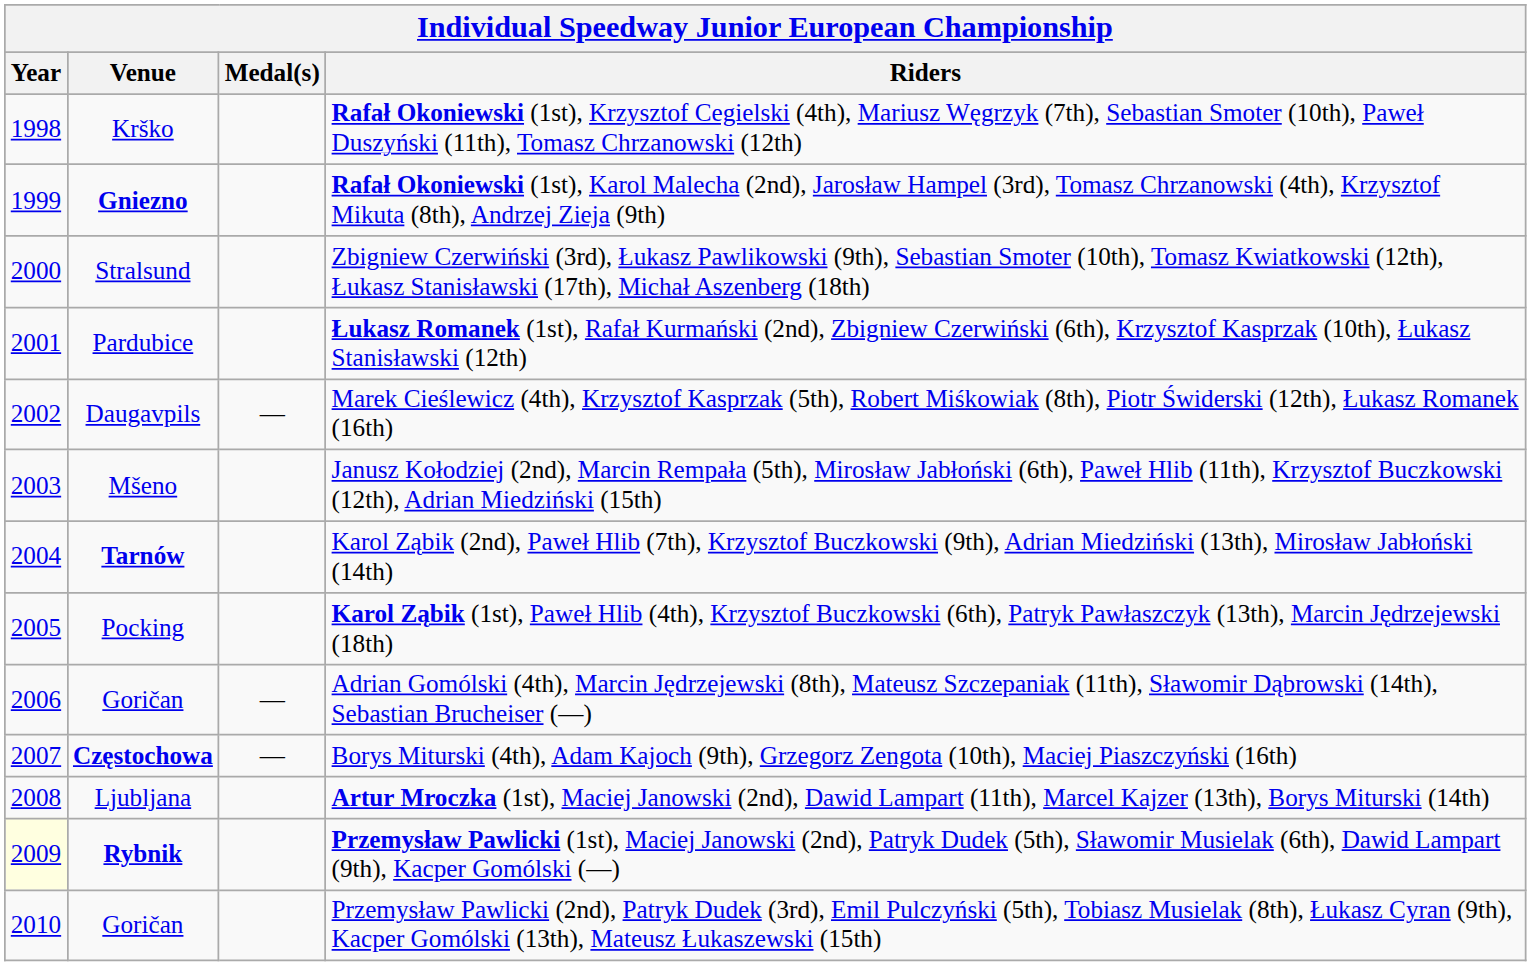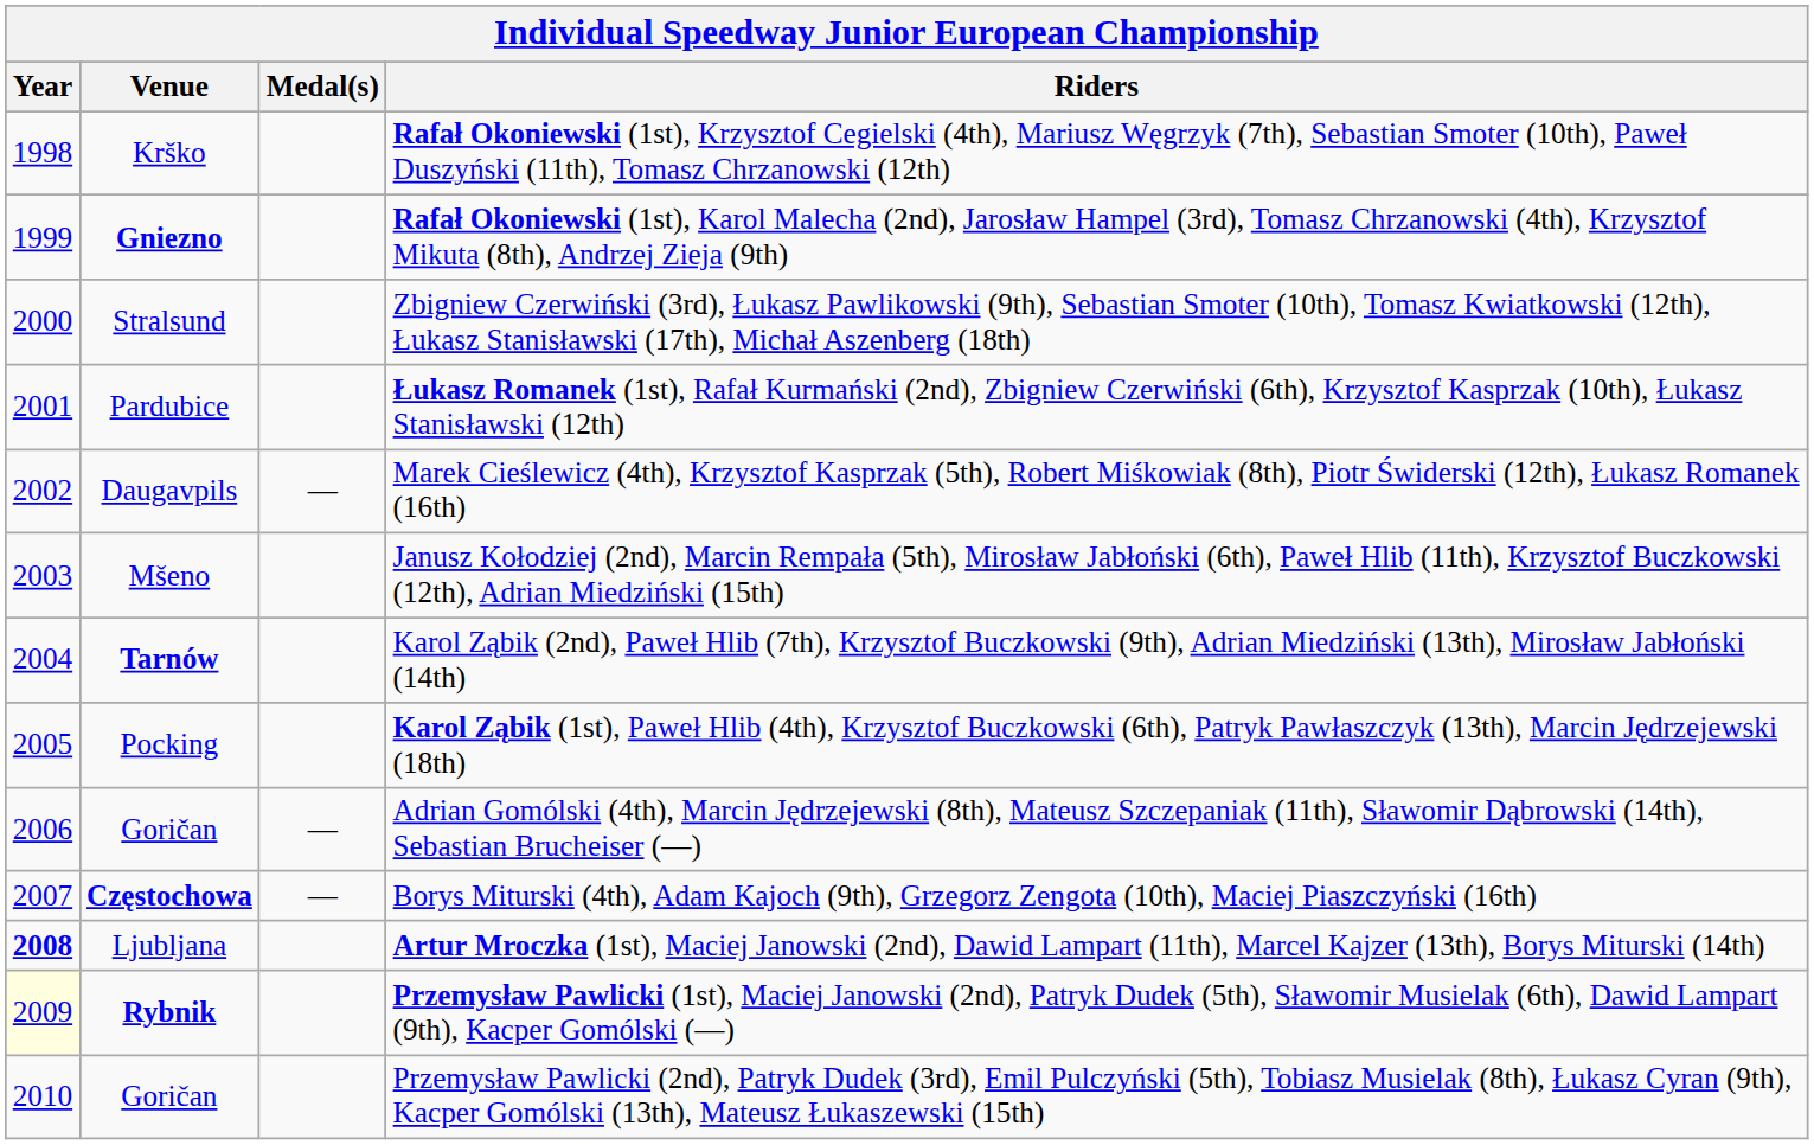 <table class=wikitable style="font-size: 90%;">
 <tr>
 <th colspan=5><big><a href='#'>Individual Speedway Junior European Championship</a></big></th>
 </tr>
 <tr>
 <th>Year</th>
 <th>Venue</th>
 <th>Medal(s)</th>
 <th>Riders</th>
 </tr>
 <tr align=center>
 <td><a href='#'>1998</a></td>
 <td> <a href='#'>Krško</a></td>
 <td></td>
 <td align=left><strong><a href='#'>Rafał Okoniewski</a></strong> (1st), <a href='#'>Krzysztof Cegielski</a> (4th), <a href='#'>Mariusz Węgrzyk</a> (7th), <a href='#'>Sebastian Smoter</a> (10th), <a href='#'>Paweł Duszyński</a> (11th), <a href='#'>Tomasz Chrzanowski</a> (12th)</td>
 </tr>
 <tr align=center>
 <td><a href='#'>1999</a></td>
 <td> <strong><a href='#'>Gniezno</a></strong></td>
 <td></td>
 <td align=left><strong><a href='#'>Rafał Okoniewski</a></strong> (1st), <a href='#'>Karol Malecha</a> (2nd), <a href='#'>Jarosław Hampel</a> (3rd), <a href='#'>Tomasz Chrzanowski</a> (4th), <a href='#'>Krzysztof Mikuta</a> (8th), <a href='#'>Andrzej Zieja</a> (9th)</td>
 </tr>
 <tr align=center>
 <td><a href='#'>2000</a></td>
 <td> <a href='#'>Stralsund</a></td>
 <td></td>
 <td align="left"><a href='#'>Zbigniew Czerwiński</a> (3rd), <a href='#'>Łukasz Pawlikowski</a> (9th), <a href='#'>Sebastian Smoter</a> (10th), <a href='#'>Tomasz Kwiatkowski</a> (12th), <a href='#'>Łukasz Stanisławski</a> (17th), <a href='#'>Michał Aszenberg</a> (18th)</td>
 </tr>
 <tr align=center>
 <td><a href='#'>2001</a></td>
 <td> <a href='#'>Pardubice</a></td>
 <td></td>
 <td align=left><strong><a href='#'>Łukasz Romanek</a></strong> (1st), <a href='#'>Rafał Kurmański</a> (2nd), <a href='#'>Zbigniew Czerwiński</a> (6th), <a href='#'>Krzysztof Kasprzak</a> (10th), <a href='#'>Łukasz Stanisławski</a> (12th)</td>
 </tr>
 <tr align=center>
 <td><a href='#'>2002</a></td>
 <td> <a href='#'>Daugavpils</a></td>
 <td>—</td>
 <td align=left><a href='#'>Marek Cieślewicz</a> (4th), <a href='#'>Krzysztof Kasprzak</a> (5th), <a href='#'>Robert Miśkowiak</a> (8th), <a href='#'>Piotr Świderski</a> (12th), <a href='#'>Łukasz Romanek</a> (16th)</td>
 </tr>
 <tr align=center>
 <td><a href='#'>2003</a></td>
 <td> <a href='#'>Mšeno</a></td>
 <td></td>
 <td align=left><a href='#'>Janusz Kołodziej</a> (2nd), <a href='#'>Marcin Rempała</a> (5th), <a href='#'>Mirosław Jabłoński</a> (6th), <a href='#'>Paweł Hlib</a> (11th), <a href='#'>Krzysztof Buczkowski</a> (12th), <a href='#'>Adrian Miedziński</a> (15th)</td>
 </tr>
 <tr align=center>
 <td><a href='#'>2004</a></td>
 <td> <strong><a href='#'>Tarnów</a></strong></td>
 <td></td>
 <td align=left><a href='#'>Karol Ząbik</a> (2nd), <a href='#'>Paweł Hlib</a> (7th), <a href='#'>Krzysztof Buczkowski</a> (9th), <a href='#'>Adrian Miedziński</a> (13th), <a href='#'>Mirosław Jabłoński</a> (14th)</td>
 </tr>
 <tr align=center>
 <td><a href='#'>2005</a></td>
 <td> <a href='#'>Pocking</a></td>
 <td></td>
 <td align=left><strong><a href='#'>Karol Ząbik</a></strong> (1st), <a href='#'>Paweł Hlib</a> (4th), <a href='#'>Krzysztof Buczkowski</a> (6th), <a href='#'>Patryk Pawłaszczyk</a> (13th), <a href='#'>Marcin Jędrzejewski</a> (18th)</td>
 </tr>
 <tr align=center>
 <td><a href='#'>2006</a></td>
 <td> <a href='#'>Goričan</a></td>
 <td>—</td>
 <td align=left><a href='#'>Adrian Gomólski</a> (4th), <a href='#'>Marcin Jędrzejewski</a> (8th), <a href='#'>Mateusz Szczepaniak</a> (11th), <a href='#'>Sławomir Dąbrowski</a> (14th), <a href='#'>Sebastian Brucheiser</a> (—)</td>
 </tr>
 <tr align=center>
 <td><a href='#'>2007</a></td>
 <td> <strong><a href='#'>Częstochowa</a></strong></td>
 <td>—</td>
 <td align=left><a href='#'>Borys Miturski</a> (4th), <a href='#'>Adam Kajoch</a> (9th), <a href='#'>Grzegorz Zengota</a> (10th), <a href='#'>Maciej Piaszczyński</a> (16th)</td>
 </tr>
 <tr align=center>
-<td><a href='#'>2008</a></td>
+<td><strong><a href='#'>2008</a></strong></td>
 <td> <a href='#'>Ljubljana</a></td>
 <td></td>
 <td align=left><strong><a href='#'>Artur Mroczka</a></strong> (1st), <a href='#'>Maciej Janowski</a> (2nd), <a href='#'>Dawid Lampart</a> (11th), <a href='#'>Marcel Kajzer</a> (13th), <a href='#'>Borys Miturski</a> (14th)</td>
 </tr>
 <tr align=center>
 <td style="background: lightyellow;"><a href='#'>2009</a></td>
 <td> <strong><a href='#'>Rybnik</a></strong></td>
 <td></td>
 <td align=left><strong><a href='#'>Przemysław Pawlicki</a></strong> (1st), <a href='#'>Maciej Janowski</a> (2nd), <a href='#'>Patryk Dudek</a> (5th), <a href='#'>Sławomir Musielak</a> (6th), <a href='#'>Dawid Lampart</a> (9th), <a href='#'>Kacper Gomólski</a> (—)</td>
 </tr>
 <tr align=center>
 <td><a href='#'>2010</a></td>
 <td> <a href='#'>Goričan</a></td>
 <td></td>
 <td align=left><a href='#'>Przemysław Pawlicki</a> (2nd), <a href='#'>Patryk Dudek</a> (3rd), <a href='#'>Emil Pulczyński</a> (5th), <a href='#'>Tobiasz Musielak</a> (8th), <a href='#'>Łukasz Cyran</a> (9th), <a href='#'>Kacper Gomólski</a> (13th), <a href='#'>Mateusz Łukaszewski</a> (15th)</td>
 </tr>
 </table>
